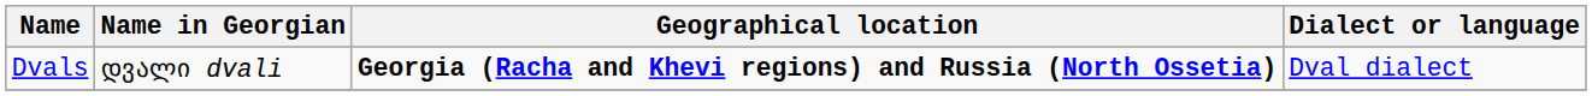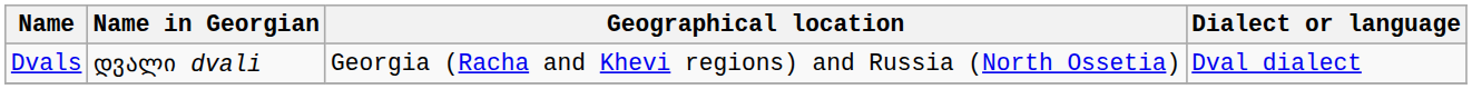 <table class="wikitable">
 <tr>
 <th>Name</th>
 <th>Name in Georgian</th>
 <th>Geographical location</th>
 <th>Dialect or language</th>
 </tr>
 <tr>
 <td><a href='#'>Dvals</a></td>
 <td>დვალი <em>dvali</em></td>
-<td><strong>Georgia (<a href='#'>Racha</a> and <a href='#'>Khevi</a> regions) and Russia (<a href='#'>North Ossetia</a>)</strong></td>
+<td>Georgia (<a href='#'>Racha</a> and <a href='#'>Khevi</a> regions) and Russia (<a href='#'>North Ossetia</a>)</td>
 <td><a href='#'>Dval dialect</a></td>
 </tr>
 <tr>
 </tr>
 </table>
